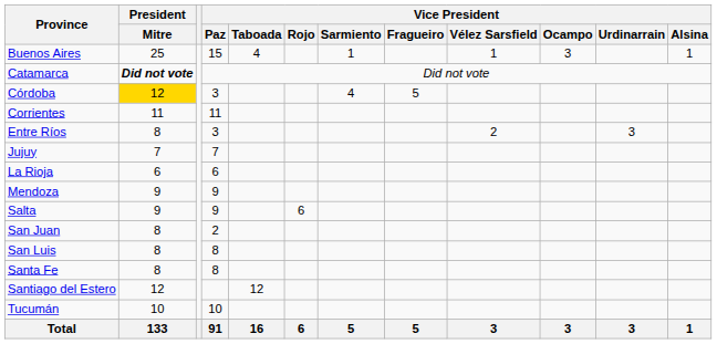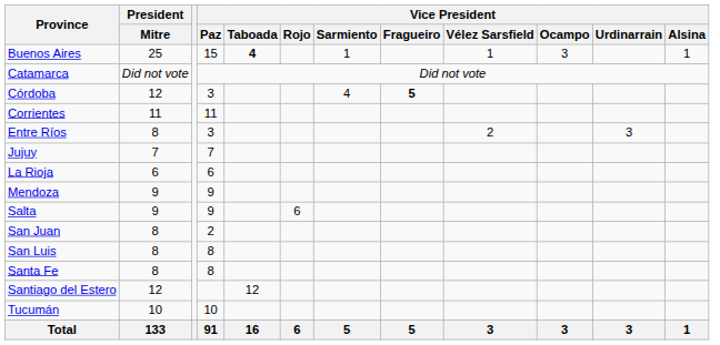 <table class="wikitable" style="text-align:center;">
 <tr>
 <th rowspan=2>Province</th>
 <th>President</th>
 <th rowspan=2></th>
 <th colspan=9>Vice President</th>
 </tr>
 <tr>
 <th>Mitre</th>
 <th>Paz</th>
 <th>Taboada</th>
 <th>Rojo</th>
 <th>Sarmiento</th>
 <th>Fragueiro</th>
 <th>Vélez Sarsfield</th>
 <th>Ocampo</th>
 <th>Urdinarrain</th>
 <th>Alsina</th>
 </tr>
 <tr>
 <td align="left"><a href='#'>Buenos Aires</a></td>
 <td>25</td>
 <td rowspan=14></td>
 <td>15</td>
-<td>4</td>
+<td><strong>4</strong></td>
 <td></td>
 <td>1</td>
 <td></td>
 <td>1</td>
 <td>3</td>
 <td></td>
 <td>1</td>
 </tr>
 <tr>
 <td align="left"><a href='#'>Catamarca</a></td>
-<td><strong><em>Did not vote</em></strong></td>
+<td><em>Did not vote</em></td>
 <td colspan=9><em>Did not vote</em></td>
 </tr>
 <tr>
 <td align="left"><a href='#'>Córdoba</a></td>
-<td style="background: gold;">12</td>
+<td>12</td>
 <td>3</td>
 <td></td>
 <td></td>
 <td>4</td>
-<td>5</td>
+<td><strong>5</strong></td>
 <td></td>
 <td></td>
 <td></td>
 <td></td>
 </tr>
 <tr>
 <td align="left"><a href='#'>Corrientes</a></td>
 <td>11</td>
 <td>11</td>
 <td></td>
 <td></td>
 <td></td>
 <td></td>
 <td></td>
 <td></td>
 <td></td>
 <td></td>
 </tr>
 <tr>
 <td align="left"><a href='#'>Entre Ríos</a></td>
 <td>8</td>
 <td>3</td>
 <td></td>
 <td></td>
 <td></td>
 <td></td>
 <td>2</td>
 <td></td>
 <td>3</td>
 <td></td>
 </tr>
 <tr>
 <td align="left"><a href='#'>Jujuy</a></td>
 <td>7</td>
 <td>7</td>
 <td></td>
 <td></td>
 <td></td>
 <td></td>
 <td></td>
 <td></td>
 <td></td>
 <td></td>
 </tr>
 <tr>
 <td align="left"><a href='#'>La Rioja</a></td>
 <td>6</td>
 <td>6</td>
 <td></td>
 <td></td>
 <td></td>
 <td></td>
 <td></td>
 <td></td>
 <td></td>
 <td></td>
 </tr>
 <tr>
 <td align="left"><a href='#'>Mendoza</a></td>
 <td>9</td>
 <td>9</td>
 <td></td>
 <td></td>
 <td></td>
 <td></td>
 <td></td>
 <td></td>
 <td></td>
 <td></td>
 </tr>
 <tr>
 <td align="left"><a href='#'>Salta</a></td>
 <td>9</td>
 <td>9</td>
 <td></td>
 <td>6</td>
 <td></td>
 <td></td>
 <td></td>
 <td></td>
 <td></td>
 <td></td>
 </tr>
 <tr>
 <td align="left"><a href='#'>San Juan</a></td>
 <td>8</td>
 <td>2</td>
 <td></td>
 <td></td>
 <td></td>
 <td></td>
 <td></td>
 <td></td>
 <td></td>
 <td></td>
 </tr>
 <tr>
 <td align="left"><a href='#'>San Luis</a></td>
 <td>8</td>
 <td>8</td>
 <td></td>
 <td></td>
 <td></td>
 <td></td>
 <td></td>
 <td></td>
 <td></td>
 <td></td>
 </tr>
 <tr>
 <td align="left"><a href='#'>Santa Fe</a></td>
 <td>8</td>
 <td>8</td>
 <td></td>
 <td></td>
 <td></td>
 <td></td>
 <td></td>
 <td></td>
 <td></td>
 <td></td>
 </tr>
 <tr>
 <td align="left"><a href='#'>Santiago del Estero</a></td>
 <td>12</td>
 <td></td>
 <td>12</td>
 <td></td>
 <td></td>
 <td></td>
 <td></td>
 <td></td>
 <td></td>
 <td></td>
 </tr>
 <tr>
 <td align="left"><a href='#'>Tucumán</a></td>
 <td>10</td>
 <td>10</td>
 <td></td>
 <td></td>
 <td></td>
 <td></td>
 <td></td>
 <td></td>
 <td></td>
 <td></td>
 </tr>
 <tr>
 <th>Total</th>
 <th>133</th>
 <th></th>
 <th>91</th>
 <th>16</th>
 <th>6</th>
 <th>5</th>
 <th>5</th>
 <th>3</th>
 <th>3</th>
 <th>3</th>
 <th>1</th>
 </tr>
 </table>
